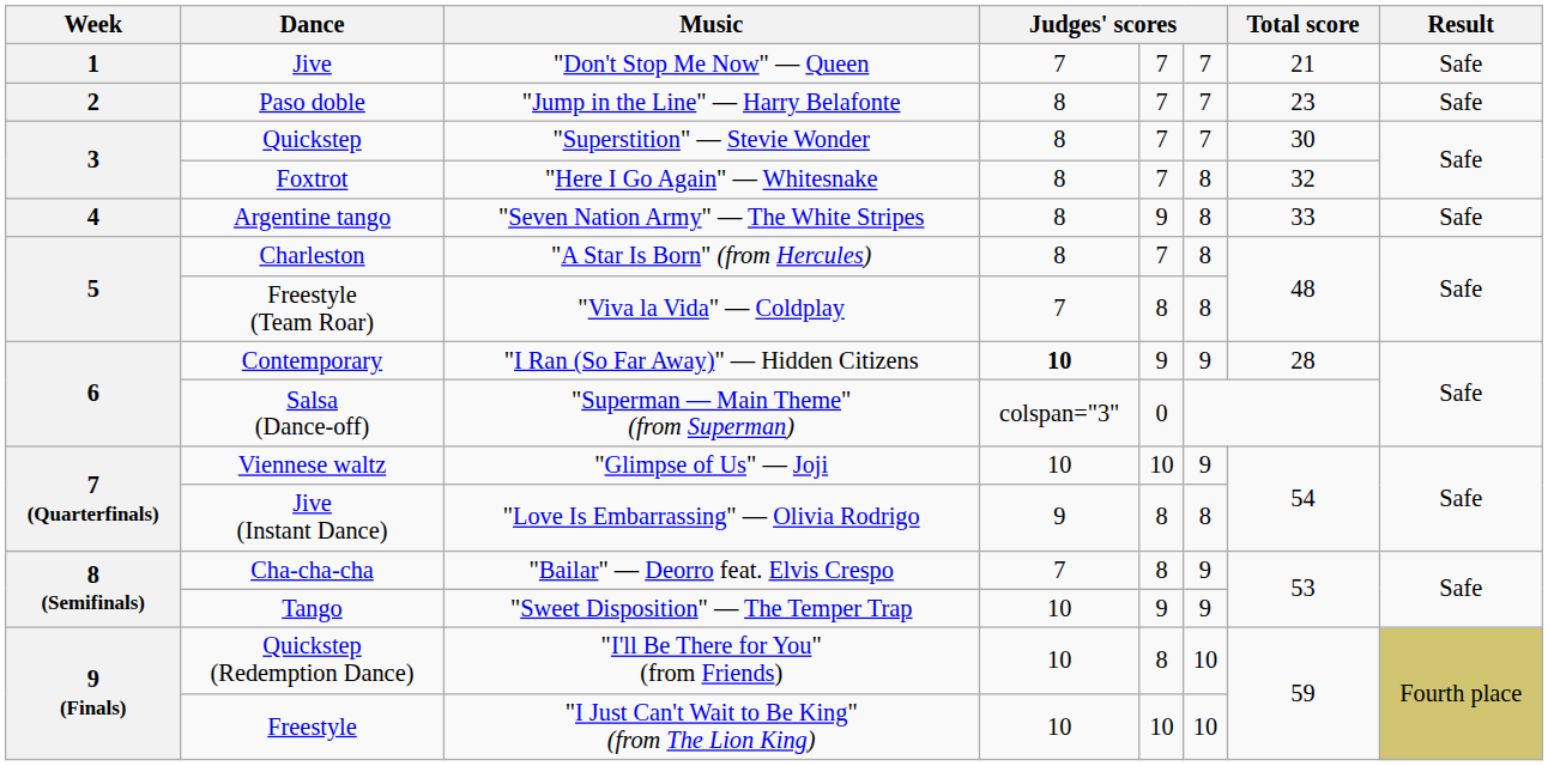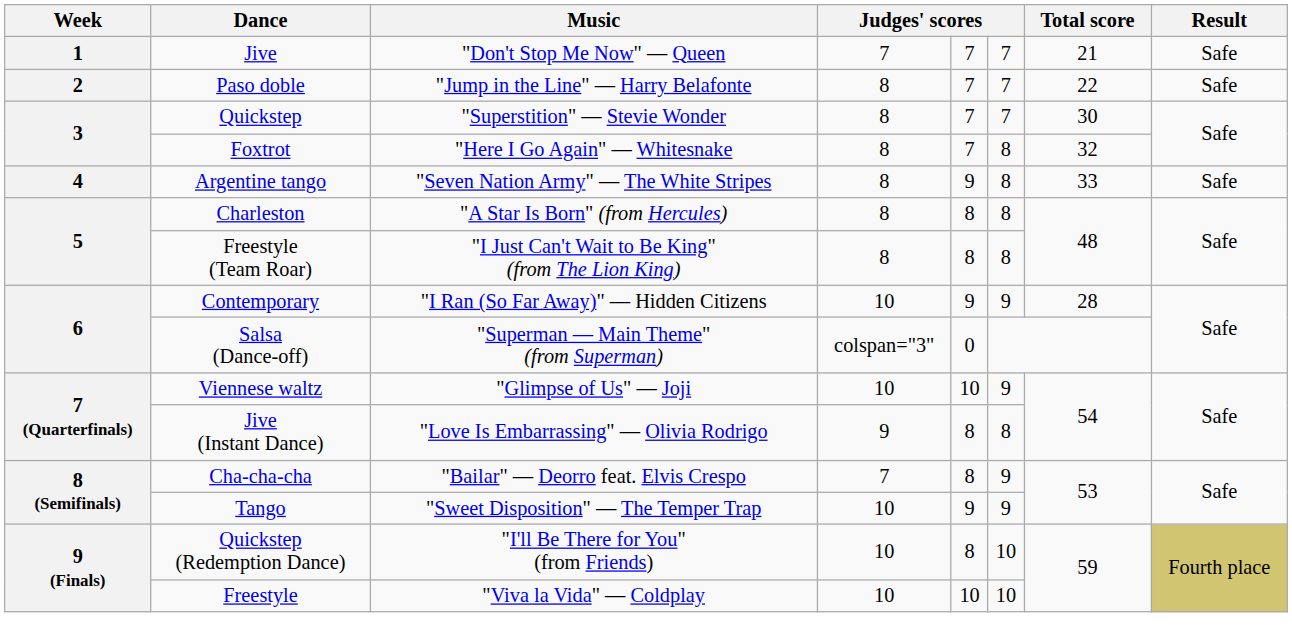 <table class="wikitable unsortable" style="text-align:center; width:80%">
 <tr>
 <th scope="col">Week</th>
 <th scope="col">Dance</th>
 <th scope="col">Music</th>
 <th scope="col" colspan="3">Judges' scores</th>
 <th scope="col">Total score</th>
 <th scope="col">Result</th>
 </tr>
 <tr>
 <th scope="row">1</th>
 <td><a href='#'>Jive</a></td>
 <td>"<a href='#'>Don't Stop Me Now</a>" — <a href='#'>Queen</a></td>
 <td>7</td>
 <td>7</td>
 <td>7</td>
 <td>21</td>
 <td>Safe</td>
 </tr>
 <tr>
 <th scope="row">2</th>
 <td><a href='#'>Paso doble</a></td>
 <td>"<a href='#'>Jump in the Line</a>" — <a href='#'>Harry Belafonte</a></td>
 <td>8</td>
 <td>7</td>
 <td>7</td>
-<td>23</td>
+<td>22</td>
 <td>Safe</td>
 </tr>
 <tr>
 <th rowspan="2" scope="row">3</th>
 <td><a href='#'>Quickstep</a></td>
 <td>"<a href='#'>Superstition</a>" — <a href='#'>Stevie Wonder</a></td>
 <td>8</td>
 <td>7</td>
 <td>7</td>
 <td>30</td>
 <td rowspan="2">Safe</td>
 </tr>
 <tr>
 <td><a href='#'>Foxtrot</a></td>
 <td>"<a href='#'>Here I Go Again</a>" — <a href='#'>Whitesnake</a></td>
 <td>8</td>
 <td>7</td>
 <td>8</td>
 <td>32</td>
 </tr>
 <tr>
 <th scope="row">4</th>
 <td><a href='#'>Argentine tango</a></td>
 <td>"<a href='#'>Seven Nation Army</a>" — <a href='#'>The White Stripes</a></td>
 <td>8</td>
 <td>9</td>
 <td>8</td>
 <td>33</td>
 <td>Safe</td>
 </tr>
 <tr>
 <th rowspan="2" scope="row">5</th>
 <td><a href='#'>Charleston</a></td>
 <td>"<a href='#'>A Star Is Born</a>" <em>(from <a href='#'>Hercules</a>)</em></td>
 <td>8</td>
-<td>7</td>
+<td>8</td>
 <td>8</td>
 <td rowspan="2">48</td>
 <td rowspan="2">Safe</td>
 </tr>
 <tr>
 <td>Freestyle<br>(Team Roar)</td>
-<td>"<a href='#'>Viva la Vida</a>" — <a href='#'>Coldplay</a></td>
-<td>7</td>
+<td>"<a href='#'>I Just Can't Wait to Be King</a>"<br><em>(from <a href='#'>The Lion King</a>)</td>
+<td>8</td>
 <td>8</td>
 <td>8</td>
 </tr>
 <tr>
 <th rowspan="2" scope="row">6</th>
 <td><a href='#'>Contemporary</a></td>
 <td>"<a href='#'>I Ran (So Far Away)</a>" — Hidden Citizens</td>
-<td><strong>10</strong></td>
+<td>10</td>
 <td>9</td>
 <td>9</td>
 <td>28</td>
 <td rowspan="2">Safe</td>
 </tr>
 <tr>
 <td><a href='#'>Salsa</a><br>(Dance-off)</td>
 <td>"<a href='#'>Superman — Main Theme</a>"<br><em>(from <a href='#'>Superman</a>)</em></td>
 <td>colspan="3" </td>
 <td>0</td>
 </tr>
 <tr>
 <th rowspan="2" scope="row">7<br><small>(Quarterfinals)</small></th>
 <td><a href='#'>Viennese waltz</a></td>
 <td>"<a href='#'>Glimpse of Us</a>" — <a href='#'>Joji</a></td>
 <td>10</td>
 <td>10</td>
 <td>9</td>
 <td rowspan="2">54</td>
 <td rowspan="2">Safe</td>
 </tr>
 <tr>
 <td><a href='#'>Jive</a><br>(Instant Dance)</td>
 <td>"<a href='#'>Love Is Embarrassing</a>" — <a href='#'>Olivia Rodrigo</a></td>
 <td>9</td>
 <td>8</td>
 <td>8</td>
 </tr>
 <tr>
 <th rowspan="2" scope="row">8<br><small>(Semifinals)</small></th>
 <td><a href='#'>Cha-cha-cha</a></td>
 <td>"<a href='#'>Bailar</a>" — <a href='#'>Deorro</a> feat. <a href='#'>Elvis Crespo</a></td>
 <td>7</td>
 <td>8</td>
 <td>9</td>
 <td rowspan="2">53</td>
 <td rowspan="2">Safe</td>
 </tr>
 <tr>
 <td><a href='#'>Tango</a></td>
 <td>"<a href='#'>Sweet Disposition</a>" — <a href='#'>The Temper Trap</a></td>
 <td>10</td>
 <td>9</td>
 <td>9</td>
 </tr>
 <tr>
 <th rowspan="2" scope="row">9<br><small>(Finals)</small></th>
 <td><a href='#'>Quickstep</a><br>(Redemption Dance)</td>
 <td>"<a href='#'>I'll Be There for You</a>"<br> </em>(from <a href='#'>Friends</a>)<em></td>
 <td>10</td>
 <td>8</td>
 <td>10</td>
 <td rowspan="2">59</td>
 <td rowspan="2" style="background:#D1C571">Fourth place</td>
 </tr>
 <tr>
 <td><a href='#'>Freestyle</a></td>
-<td>"<a href='#'>I Just Can't Wait to Be King</a>"<br><em>(from <a href='#'>The Lion King</a>)</td>
+<td>"<a href='#'>Viva la Vida</a>" — <a href='#'>Coldplay</a></td>
 <td>10</td>
 <td>10</td>
 <td>10</td>
 </tr>
 </table>
